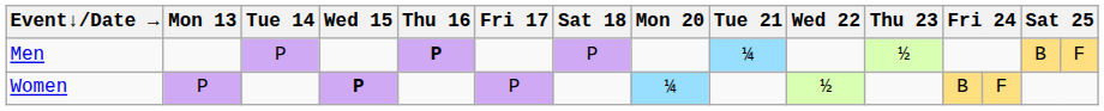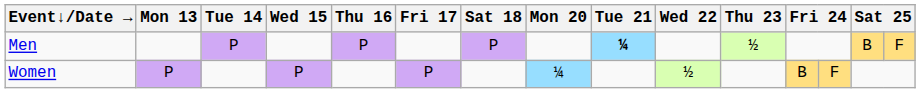 <table class="wikitable" style="margin:0.5em auto; font-size:90%; line-height:1.25em;">
 <tr style="text-align:center;">
 <th>Event↓/Date →</th>
 <th>Mon 13</th>
 <th>Tue 14</th>
 <th>Wed 15</th>
 <th>Thu 16</th>
 <th>Fri 17</th>
 <th>Sat 18</th>
 <th>Mon 20</th>
 <th>Tue 21</th>
 <th>Wed 22</th>
 <th>Thu 23</th>
 <th colspan=2>Fri 24</th>
 <th colspan=2>Sat 25</th>
 </tr>
 <tr style="text-align:center;">
 <td style="text-align:left;"><a href='#'>Men</a></td>
 <td></td>
 <td style="background-color:#D0A9F5;">P</td>
 <td></td>
-<td style="background-color:#D0A9F5;"><strong>P</strong></td>
+<td style="background-color:#D0A9F5;">P</td>
 <td></td>
 <td style="background-color:#D0A9F5;">P</td>
 <td></td>
-<td style="background-color:#97DEFF;">¼</td>
+<td style="background-color:#97DEFF;"><strong>¼</strong></td>
 <td></td>
 <td style="background-color:#D9FFB2;">½</td>
 <td colspan=2></td>
 <td style="background-color:#FFDF80;">B</td>
 <td style="background-color:#FFDF80;">F</td>
 </tr>
 <tr style="text-align:center;">
 <td style="text-align:left;"><a href='#'>Women</a></td>
 <td style="background-color:#D0A9F5;">P</td>
 <td></td>
-<td style="background-color:#D0A9F5;"><strong>P</strong></td>
+<td style="background-color:#D0A9F5;">P</td>
 <td></td>
 <td style="background-color:#D0A9F5;">P</td>
 <td></td>
 <td style="background-color:#97DEFF;">¼</td>
 <td></td>
 <td style="background-color:#D9FFB2;">½</td>
 <td></td>
 <td style="background-color:#FFDF80;">B</td>
 <td style="background-color:#FFDF80;">F</td>
 <td colspan=2></td>
 </tr>
 </table>
